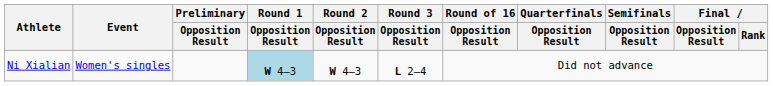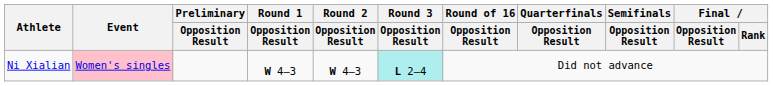 <table class="wikitable" style="font-size:90%;">
 <tr>
 <th rowspan=2>Athlete</th>
 <th rowspan=2>Event</th>
 <th>Preliminary</th>
 <th>Round 1</th>
 <th>Round 2</th>
 <th>Round 3</th>
 <th>Round of 16</th>
 <th>Quarterfinals</th>
 <th>Semifinals</th>
 <th colspan=2>Final / </th>
 </tr>
 <tr style="font-size:95%">
 <th>Opposition<br>Result</th>
 <th>Opposition<br>Result</th>
 <th>Opposition<br>Result</th>
 <th>Opposition<br>Result</th>
 <th>Opposition<br>Result</th>
 <th>Opposition<br>Result</th>
 <th>Opposition<br>Result</th>
 <th>Opposition<br>Result</th>
 <th>Rank</th>
 </tr>
 <tr align=center>
 <td align=left><a href='#'>Ni Xialian</a></td>
-<td align=left><a href='#'>Women's singles</a></td>
+<td align=left style="background: pink;"><a href='#'>Women's singles</a></td>
 <td></td>
-<td style="background: lightblue;"><br><strong>W</strong> 4–3</td>
 <td><br><strong>W</strong> 4–3</td>
-<td><br><strong>L</strong> 2–4</td>
+<td><br><strong>W</strong> 4–3</td>
+<td style="background: paleturquoise;"><br><strong>L</strong> 2–4</td>
 <td colspan=5>Did not advance</td>
 </tr>
 </table>
